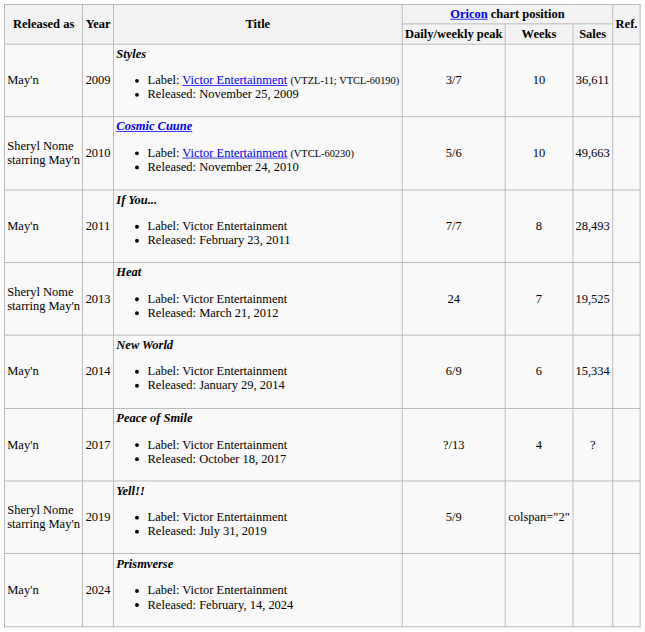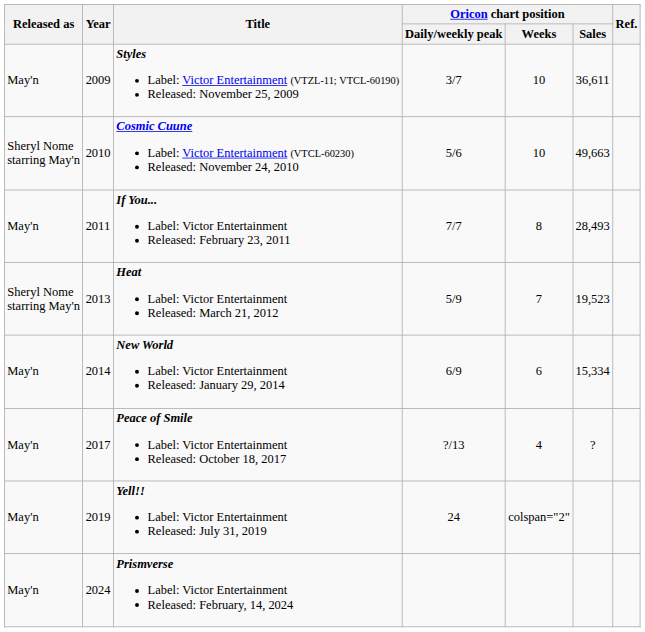 <table class="wikitable">
 <tr>
 <th rowspan="2">Released as</th>
 <th rowspan="2">Year</th>
 <th rowspan="2">Title</th>
 <th colspan="3"><a href='#'>Oricon</a> chart position</th>
 <th rowspan="2">Ref.</th>
 </tr>
 <tr>
 <th>Daily/weekly peak</th>
 <th>Weeks</th>
 <th>Sales</th>
 </tr>
 <tr>
 <td>May'n</td>
 <td>2009</td>
 <td><strong><em>Styles</em></strong><br><ul><li>Label: <a href='#'>Victor Entertainment</a> <small>(VTZL-11; VTCL-60190)</small></li><li>Released: November 25, 2009</li></ul></td>
 <td style="text-align:center;">3/7</td>
 <td style="text-align:center;">10</td>
 <td style="text-align:center;">36,611</td>
 <td style="text-align:center;"></td>
 </tr>
 <tr>
 <td>Sheryl Nome<br>starring May'n</td>
 <td>2010</td>
 <td><strong><em><a href='#'>Cosmic Cuune</a></em></strong><br><ul><li>Label: <a href='#'>Victor Entertainment</a> <small>(VTCL-60230)</small></li><li>Released: November 24, 2010</li></ul></td>
 <td style="text-align:center;">5/6</td>
 <td style="text-align:center;">10</td>
 <td style="text-align:center;">49,663</td>
 <td style="text-align:center;"></td>
 </tr>
 <tr>
 <td>May'n</td>
 <td>2011</td>
 <td><strong><em>If You...</em></strong><br><ul><li>Label: Victor Entertainment</li><li>Released: February 23, 2011</li></ul></td>
 <td style="text-align:center;">7/7</td>
 <td style="text-align:center;">8</td>
 <td style="text-align:center;">28,493</td>
 <td style="text-align:center;"></td>
 </tr>
 <tr>
 <td>Sheryl Nome<br>starring May'n</td>
 <td>2013</td>
 <td><strong><em>Heat</em></strong><br><ul><li>Label: Victor Entertainment</li><li>Released: March 21, 2012</li></ul></td>
-<td style="text-align:center;">24</td>
+<td style="text-align:center;">5/9</td>
 <td style="text-align:center;">7</td>
-<td style="text-align:center;">19,525</td>
+<td style="text-align:center;">19,523</td>
 <td style="text-align:center;"></td>
 </tr>
 <tr>
 <td>May'n</td>
 <td>2014</td>
 <td><strong><em>New World</em></strong><br><ul><li>Label: Victor Entertainment</li><li>Released: January 29, 2014</li></ul></td>
 <td style="text-align:center;">6/9</td>
 <td style="text-align:center;">6</td>
 <td style="text-align:center;">15,334</td>
 <td style="text-align:center;"></td>
 </tr>
 <tr>
 <td>May'n</td>
 <td>2017</td>
 <td><strong><em>Peace of Smile</em></strong><br><ul><li>Label: Victor Entertainment</li><li>Released: October 18, 2017</li></ul></td>
 <td style="text-align:center;">?/13</td>
 <td style="text-align:center;">4</td>
 <td style="text-align:center;">?</td>
 <td style="text-align:center;"></td>
 </tr>
 <tr>
-<td>Sheryl Nome<br>starring May'n</td>
+<td>May'n</td>
 <td>2019</td>
 <td><strong><em>Yell!!</em></strong><br><ul><li>Label: Victor Entertainment</li><li>Released: July 31, 2019</li></ul></td>
-<td style="text-align:center;">5/9</td>
+<td style="text-align:center;">24</td>
 <td>colspan="2" </td>
 <td style="text-align:center;"></td>
 </tr>
 <tr>
 <td>May'n</td>
 <td>2024</td>
 <td><strong><em>Prismverse</em></strong><br><ul><li>Label: Victor Entertainment</li><li>Released: February, 14, 2024</li></ul></td>
 <td style="text-align:center;"></td>
 <td style="text-align:center;"></td>
 <td style="text-align:center;"></td>
 <td style="text-align:center;"></td>
 </tr>
 </table>
